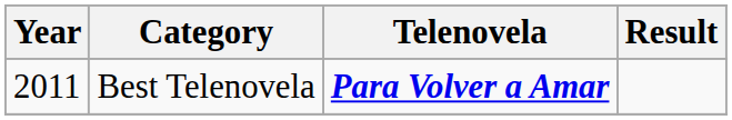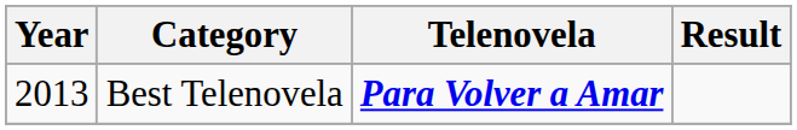 <table class="wikitable">
 <tr style="background:#b0c4de;">
 <th>Year</th>
 <th>Category</th>
 <th>Telenovela</th>
 <th>Result</th>
 </tr>
 <tr>
-<td>2011</td>
+<td>2013</td>
 <td>Best Telenovela</td>
 <td><strong><em><a href='#'>Para Volver a Amar</a></em></strong></td>
 <td></td>
 </tr>
 <tr>
 </tr>
 </table>
